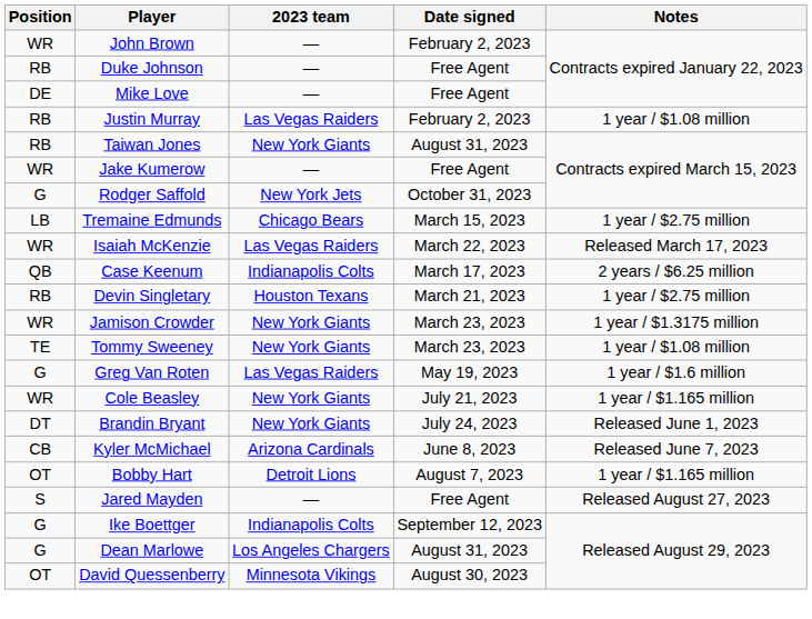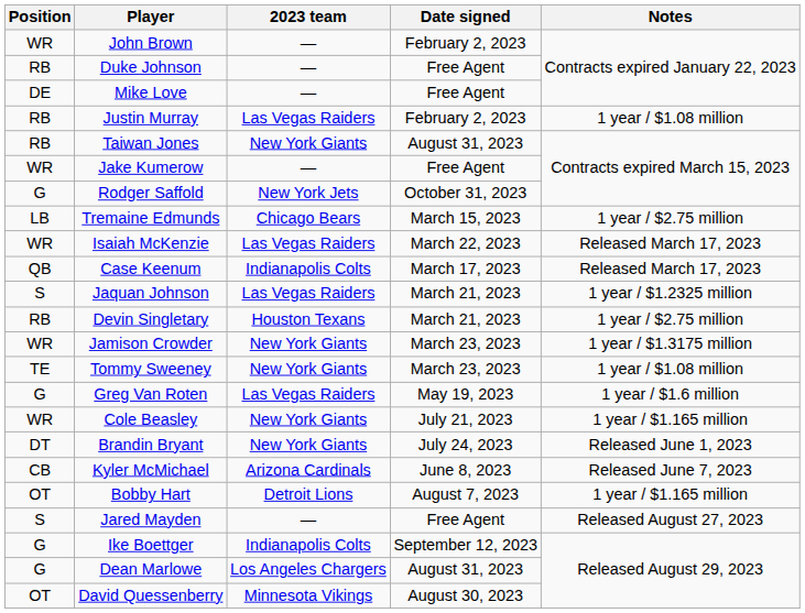 <table class="wikitable sortable" style="text-align:center">
 <tr>
 <th>Position</th>
 <th>Player</th>
 <th>2023 team</th>
 <th>Date signed</th>
 <th>Notes</th>
 </tr>
 <tr>
 <td>WR</td>
 <td><a href='#'>John Brown</a></td>
 <td>—</td>
 <td>February 2, 2023</td>
 <td rowspan=3>Contracts expired January 22, 2023</td>
 </tr>
 <tr>
 <td>RB</td>
 <td><a href='#'>Duke Johnson</a></td>
 <td>—</td>
 <td>Free Agent</td>
 </tr>
 <tr>
 <td>DE</td>
 <td><a href='#'>Mike Love</a></td>
 <td>—</td>
 <td>Free Agent</td>
 </tr>
 <tr>
 <td>RB</td>
 <td><a href='#'>Justin Murray</a></td>
 <td><a href='#'>Las Vegas Raiders</a></td>
 <td>February 2, 2023</td>
 <td>1 year / $1.08 million</td>
 </tr>
 <tr>
 <td>RB</td>
 <td><a href='#'>Taiwan Jones</a></td>
 <td><a href='#'>New York Giants</a></td>
 <td>August 31, 2023</td>
 <td rowspan=3>Contracts expired March 15, 2023</td>
 </tr>
 <tr>
 <td>WR</td>
 <td><a href='#'>Jake Kumerow</a></td>
 <td>—</td>
 <td>Free Agent</td>
 </tr>
 <tr>
 <td>G</td>
 <td><a href='#'>Rodger Saffold</a></td>
 <td><a href='#'>New York Jets</a></td>
 <td>October 31, 2023</td>
 </tr>
 <tr>
 <td>LB</td>
 <td><a href='#'>Tremaine Edmunds</a></td>
 <td><a href='#'>Chicago Bears</a></td>
 <td>March 15, 2023</td>
 <td>1 year / $2.75 million</td>
 </tr>
 <tr>
 <td>WR</td>
 <td><a href='#'>Isaiah McKenzie</a></td>
 <td><a href='#'>Las Vegas Raiders</a></td>
 <td>March 22, 2023</td>
 <td>Released March 17, 2023</td>
 </tr>
 <tr>
 <td>QB</td>
 <td><a href='#'>Case Keenum</a></td>
 <td><a href='#'>Indianapolis Colts</a></td>
 <td>March 17, 2023</td>
-<td>2 years / $6.25 million</td>
+<td>Released March 17, 2023</td>
+</tr>
+<tr>
+<td>S</td>
+<td><a href='#'>Jaquan Johnson</a></td>
+<td><a href='#'>Las Vegas Raiders</a></td>
+<td>March 21, 2023</td>
+<td>1 year / $1.2325 million</td>
 </tr>
 <tr>
 <td>RB</td>
 <td><a href='#'>Devin Singletary</a></td>
 <td><a href='#'>Houston Texans</a></td>
 <td>March 21, 2023</td>
 <td>1 year / $2.75 million</td>
 </tr>
 <tr>
 <td>WR</td>
 <td><a href='#'>Jamison Crowder</a></td>
 <td><a href='#'>New York Giants</a></td>
 <td>March 23, 2023</td>
 <td>1 year / $1.3175 million</td>
 </tr>
 <tr>
 <td>TE</td>
 <td><a href='#'>Tommy Sweeney</a></td>
 <td><a href='#'>New York Giants</a></td>
 <td>March 23, 2023</td>
 <td>1 year / $1.08 million</td>
 </tr>
 <tr>
 <td>G</td>
 <td><a href='#'>Greg Van Roten</a></td>
 <td><a href='#'>Las Vegas Raiders</a></td>
 <td>May 19, 2023</td>
 <td>1 year / $1.6 million</td>
 </tr>
 <tr>
 <td>WR</td>
 <td><a href='#'>Cole Beasley</a></td>
 <td><a href='#'>New York Giants</a></td>
 <td>July 21, 2023</td>
 <td>1 year / $1.165 million</td>
 </tr>
 <tr>
 <td>DT</td>
 <td><a href='#'>Brandin Bryant</a></td>
 <td><a href='#'>New York Giants</a></td>
 <td>July 24, 2023</td>
 <td>Released June 1, 2023</td>
 </tr>
 <tr>
 <td>CB</td>
 <td><a href='#'>Kyler McMichael</a></td>
 <td><a href='#'>Arizona Cardinals</a></td>
 <td>June 8, 2023</td>
 <td>Released June 7, 2023</td>
 </tr>
 <tr>
 <td>OT</td>
 <td><a href='#'>Bobby Hart</a></td>
 <td><a href='#'>Detroit Lions</a></td>
 <td>August 7, 2023</td>
 <td>1 year / $1.165 million</td>
 </tr>
 <tr>
 <td>S</td>
 <td><a href='#'>Jared Mayden</a></td>
 <td>—</td>
 <td>Free Agent</td>
 <td>Released August 27, 2023</td>
 </tr>
 <tr>
 <td>G</td>
 <td><a href='#'>Ike Boettger</a></td>
 <td><a href='#'>Indianapolis Colts</a></td>
 <td>September 12, 2023</td>
 <td rowspan=3>Released August 29, 2023</td>
 </tr>
 <tr>
 <td>G</td>
 <td><a href='#'>Dean Marlowe</a></td>
 <td><a href='#'>Los Angeles Chargers</a></td>
 <td>August 31, 2023</td>
 </tr>
 <tr>
 <td>OT</td>
 <td><a href='#'>David Quessenberry</a></td>
 <td><a href='#'>Minnesota Vikings</a></td>
 <td>August 30, 2023</td>
 </tr>
 </table>
